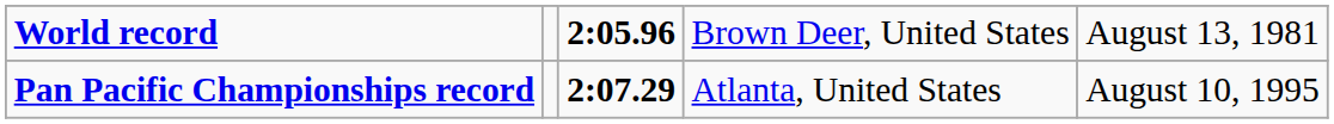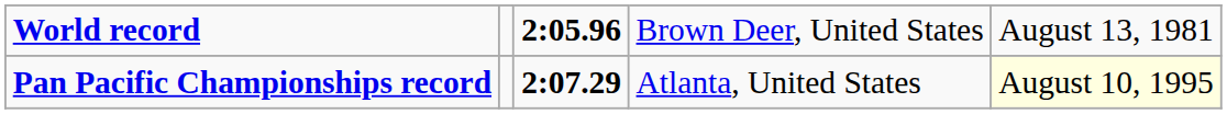 <table class="wikitable">
 <tr>
 <td><strong><a href='#'>World record</a></strong></td>
 <td></td>
 <td><strong>2:05.96</strong></td>
 <td><a href='#'>Brown Deer</a>, United States</td>
 <td>August 13, 1981</td>
 </tr>
 <tr>
 <td><strong><a href='#'>Pan Pacific Championships record</a></strong></td>
 <td></td>
 <td><strong>2:07.29</strong></td>
 <td><a href='#'>Atlanta</a>, United States</td>
-<td>August 10, 1995</td>
+<td style="background: lightyellow;">August 10, 1995</td>
 </tr>
 </table>
